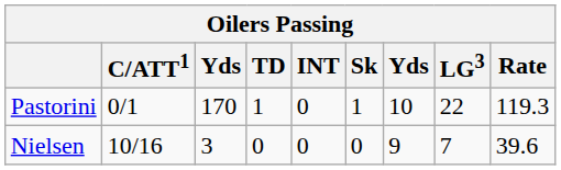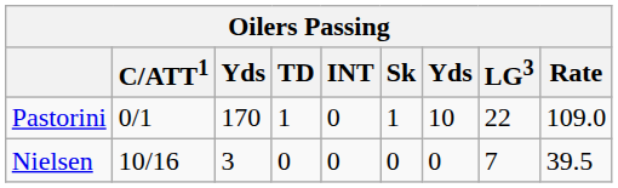 <table class="wikitable">
 <tr>
 <th colspan="9">Oilers Passing</th>
 </tr>
 <tr>
 <th></th>
 <th>C/ATT<sup>1</sup></th>
 <th>Yds</th>
 <th>TD</th>
 <th>INT</th>
 <th>Sk</th>
 <th>Yds</th>
 <th>LG<sup>3</sup></th>
 <th>Rate</th>
 </tr>
 <tr>
 <td><a href='#'>Pastorini</a></td>
 <td>0/1</td>
 <td>170</td>
 <td>1</td>
 <td>0</td>
 <td>1</td>
 <td>10</td>
 <td>22</td>
-<td>119.3</td>
+<td>109.0</td>
 </tr>
 <tr>
 <td><a href='#'>Nielsen</a></td>
 <td>10/16</td>
 <td>3</td>
 <td>0</td>
 <td>0</td>
 <td>0</td>
-<td>9</td>
+<td>0</td>
 <td>7</td>
-<td>39.6</td>
+<td>39.5</td>
 </tr>
 </table>
